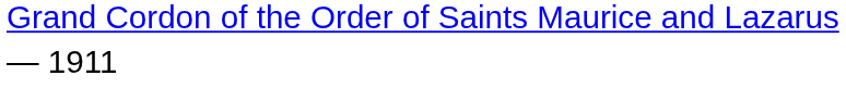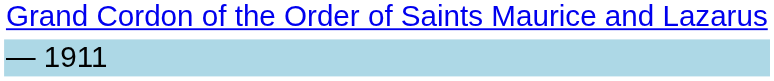 <table>
 <tr>
 <td rowspan=2 style="width:60px; vertical-align:top;"></td>
 <td><a href='#'>Grand Cordon of the Order of Saints Maurice and Lazarus</a></td>
 </tr>
 <tr>
-<td>— 1911</td>
+<td style="background: lightblue;">— 1911</td>
 </tr>
 </table>
